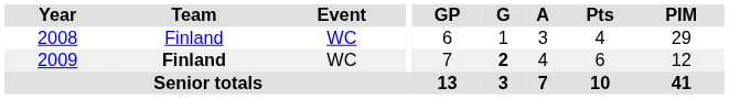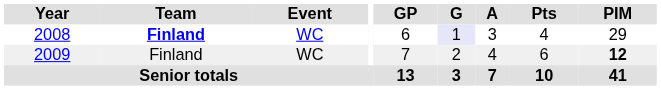 <table border="0" cellpadding="1" cellspacing="0" ID="Table3" style="text-align:center; width:40em">
 <tr bgcolor="#e0e0e0">
 <th>Year</th>
 <th>Team</th>
 <th>Event</th>
 <th rowspan="102" bgcolor="#ffffff"></th>
 <th>GP</th>
 <th>G</th>
 <th>A</th>
 <th>Pts</th>
 <th>PIM</th>
 </tr>
 <tr>
 <td><a href='#'>2008</a></td>
-<td><a href='#'>Finland</a></td>
+<td><strong><a href='#'>Finland</a></strong></td>
 <td><a href='#'>WC</a></td>
 <td>6</td>
-<td>1</td>
+<td style="background: lavender;">1</td>
 <td>3</td>
 <td>4</td>
 <td>29</td>
 </tr>
 <tr bgcolor="#f0f0f0">
 <td><a href='#'>2009</a></td>
-<td><strong>Finland</strong></td>
+<td>Finland</td>
 <td>WC</td>
 <td>7</td>
-<td><strong>2</strong></td>
+<td>2</td>
 <td>4</td>
 <td>6</td>
-<td>12</td>
+<td><strong>12</strong></td>
 </tr>
 <tr bgcolor="#e0e0e0">
 <th colspan="4">Senior totals</th>
 <th>13</th>
 <th>3</th>
 <th>7</th>
 <th>10</th>
 <th>41</th>
 </tr>
 </table>
